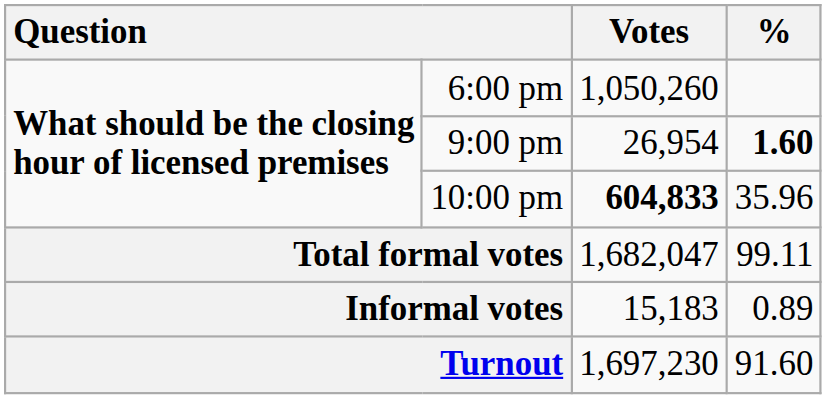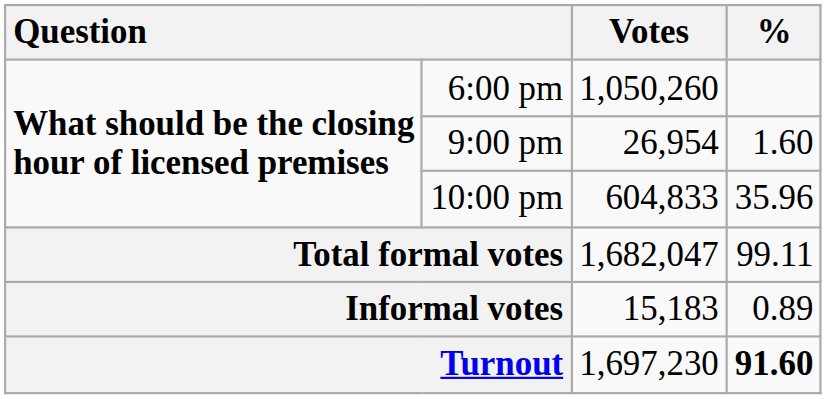 <table class="wikitable" align="center">
 <tr ---->
 <th colspan="2" style="text-align:left">Question</th>
 <th>Votes</th>
 <th>%</th>
 </tr>
 <tr align="right">
 <td rowspan="3" style="text-align:left"><strong>What should be the closing<br>hour of licensed premises</strong></td>
 <td>6:00 pm</td>
 <td>1,050,260</td>
 <td></td>
 </tr>
 <tr align="right">
 <td>9:00 pm</td>
 <td>26,954</td>
-<td><strong>1.60</strong></td>
+<td>1.60</td>
 </tr>
 <tr align="right">
 <td>10:00 pm</td>
-<td><strong>604,833</strong></td>
+<td>604,833</td>
 <td>35.96</td>
 </tr>
 <tr align="right">
 <th colspan="2" style="text-align:right">Total formal votes</th>
 <td>1,682,047</td>
 <td>99.11</td>
 </tr>
 <tr align="right">
 <th colspan="2" style="text-align:right">Informal votes</th>
 <td>15,183</td>
 <td>0.89</td>
 </tr>
 <tr align="right">
 <th colspan="2" style="text-align:right"><a href='#'>Turnout</a></th>
 <td>1,697,230</td>
-<td>91.60</td>
+<td><strong>91.60</strong></td>
 </tr>
 </table>
